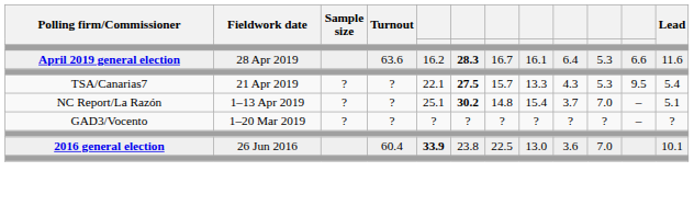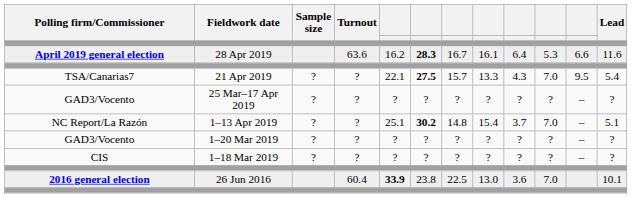 <table class="wikitable collapsible collapsed" style="text-align:center; font-size:95%; line-height:16px;">
 <tr style="height:42px;">
 <th style="width:250px;" rowspan="2">Polling firm/Commissioner</th>
 <th style="width:125px;" rowspan="2">Fieldwork date</th>
 <th style="width:50px;" rowspan="2">Sample size</th>
 <th style="width:45px;" rowspan="2">Turnout</th>
 <th style="width:35px;"></th>
 <th style="width:35px;"></th>
 <th style="width:35px;"></th>
 <th style="width:35px;"></th>
 <th style="width:35px;"></th>
 <th style="width:35px;"></th>
 <th style="width:35px;"></th>
 <th style="width:30px;" rowspan="2">Lead</th>
 </tr>
 <tr>
 <th style="color:inherit;background:"></th>
 <th style="color:inherit;background:"></th>
 <th style="color:inherit;background:"></th>
 <th style="color:inherit;background:"></th>
 <th style="color:inherit;background:"></th>
 <th style="color:inherit;background:"></th>
 <th style="color:inherit;background:"></th>
 </tr>
 <tr>
 <td colspan="12" style="background:#A0A0A0"></td>
 </tr>
 <tr style="background:#EFEFEF;">
 <td><strong><a href='#'>April 2019 general election</a></strong></td>
 <td>28 Apr 2019</td>
 <td></td>
 <td>63.6</td>
 <td>16.2<br></td>
 <td><strong>28.3</strong><br></td>
 <td>16.7<br></td>
 <td>16.1<br></td>
 <td>6.4<br></td>
 <td>5.3<br></td>
 <td>6.6<br></td>
 <td style="background:">11.6</td>
 </tr>
 <tr>
 <td colspan="12" style="background:#A0A0A0"></td>
 </tr>
 <tr>
 <td>TSA/Canarias7</td>
 <td>21 Apr 2019</td>
 <td>?</td>
 <td>?</td>
 <td>22.1<br></td>
 <td><strong>27.5</strong><br></td>
 <td>15.7<br></td>
 <td>13.3<br></td>
 <td>4.3<br></td>
-<td>5.3<br></td>
+<td>7.0<br></td>
 <td>9.5<br></td>
 <td style="background:">5.4</td>
+</tr>
+<tr>
+<td>GAD3/Vocento</td>
+<td>25 Mar–17 Apr 2019</td>
+<td>?</td>
+<td>?</td>
+<td>?<br></td>
+<td>?<br></td>
+<td>?<br></td>
+<td>?<br></td>
+<td>?<br></td>
+<td>?<br></td>
+<td>–</td>
+<td style="background:">?</td>
 </tr>
 <tr>
 <td>NC Report/La Razón</td>
 <td>1–13 Apr 2019</td>
 <td>?</td>
 <td>?</td>
 <td>25.1<br></td>
 <td><strong>30.2</strong><br></td>
 <td>14.8<br></td>
 <td>15.4<br></td>
 <td>3.7<br></td>
 <td>7.0<br></td>
 <td>–</td>
 <td style="background:">5.1</td>
 </tr>
 <tr>
 <td>GAD3/Vocento</td>
 <td>1–20 Mar 2019</td>
+<td>?</td>
+<td>?</td>
+<td>?<br></td>
+<td>?<br></td>
+<td>?<br></td>
+<td>?<br></td>
+<td>?<br></td>
+<td>?<br></td>
+<td>–</td>
+<td style="background:">?</td>
+</tr>
+<tr>
+<td>CIS</td>
+<td>1–18 Mar 2019</td>
 <td>?</td>
 <td>?</td>
 <td>?<br></td>
 <td>?<br></td>
 <td>?<br></td>
 <td>?<br></td>
 <td>?<br></td>
 <td>?<br></td>
 <td>–</td>
 <td style="background:">?</td>
 </tr>
 <tr>
 <td colspan="12" style="background:#A0A0A0"></td>
 </tr>
 <tr style="background:#EFEFEF;">
 <td><strong><a href='#'>2016 general election</a></strong></td>
 <td>26 Jun 2016</td>
 <td></td>
 <td>60.4</td>
 <td><strong>33.9</strong><br></td>
 <td>23.8<br></td>
 <td>22.5<br></td>
 <td>13.0<br></td>
 <td>3.6<br></td>
 <td>7.0<br></td>
 <td></td>
 <td style="background:">10.1</td>
 </tr>
 <tr>
 <td colspan="12" style="background:#A0A0A0"></td>
 </tr>
 </table>
